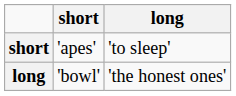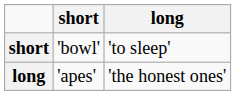 <table class="wikitable">
 <tr>
 <td></td>
 <th>short </th>
 <th>long </th>
 </tr>
 <tr>
 <th>short </th>
-<td> 'apes'</td>
+<td> 'bowl'</td>
 <td> 'to sleep'</td>
 </tr>
 <tr>
 <th>long </th>
-<td> 'bowl'</td>
+<td> 'apes'</td>
 <td> 'the honest ones'</td>
 </tr>
 </table>
